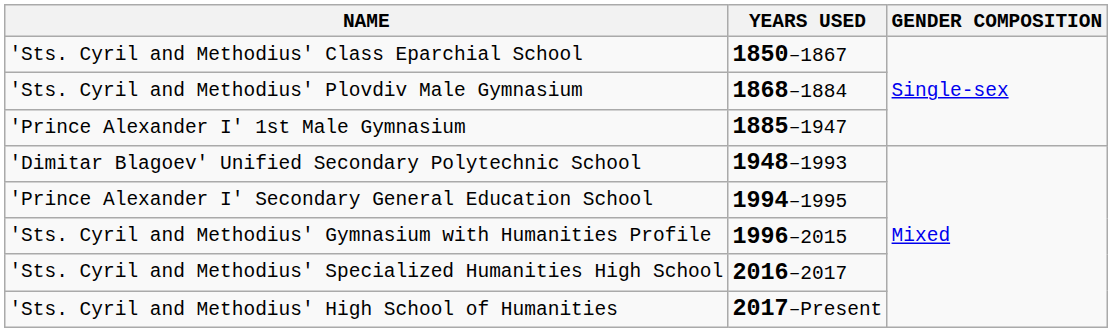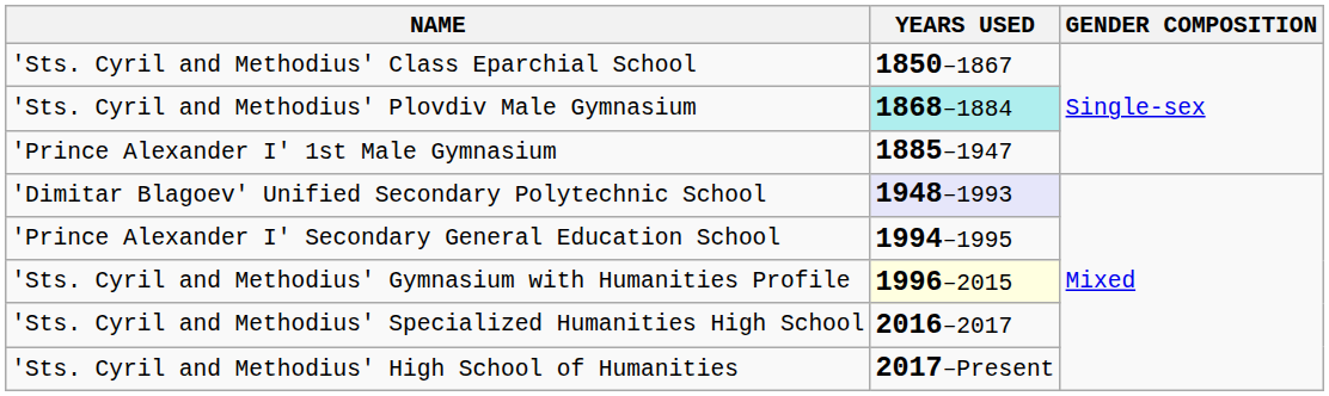 <table class="wikitable">
 <tr>
 <th>NAME</th>
 <th>YEARS USED</th>
 <th>GENDER COMPOSITION</th>
 </tr>
 <tr>
 <td>'Sts. Cyril and Methodius' Class Eparchial School</td>
 <td><strong><big>1850</big></strong>–1867</td>
 <td rowspan="3"><a href='#'>Single-sex</a></td>
 </tr>
 <tr>
 <td>'Sts. Cyril and Methodius' Plovdiv Male Gymnasium</td>
-<td><strong><big>1868</big></strong>–1884</td>
+<td style="background: paleturquoise;"><strong><big>1868</big></strong>–1884</td>
 </tr>
 <tr>
 <td>'Prince Alexander I' 1st Male Gymnasium</td>
 <td><strong><big>1885</big></strong>–1947</td>
 </tr>
 <tr>
 <td>'Dimitar Blagoev' Unified Secondary Polytechnic School</td>
-<td><strong><big>1948</big></strong>–1993</td>
+<td style="background: lavender;"><strong><big>1948</big></strong>–1993</td>
 <td rowspan="5"><a href='#'>Mixed</a></td>
 </tr>
 <tr>
 <td>'Prince Alexander I' Secondary General Education School</td>
 <td><strong><big>1994</big></strong>–1995</td>
 </tr>
 <tr>
 <td>'Sts. Cyril and Methodius' Gymnasium with Humanities Profile</td>
-<td><strong><big>1996</big></strong>–2015</td>
+<td style="background: lightyellow;"><strong><big>1996</big></strong>–2015</td>
 </tr>
 <tr>
 <td>'Sts. Cyril and Methodius' Specialized Humanities High School</td>
 <td><strong><big>2016</big></strong>–2017</td>
 </tr>
 <tr>
 <td>'Sts. Cyril and Methodius' High School of Humanities</td>
 <td><strong><big>2017</big></strong>–Present</td>
 </tr>
 </table>
